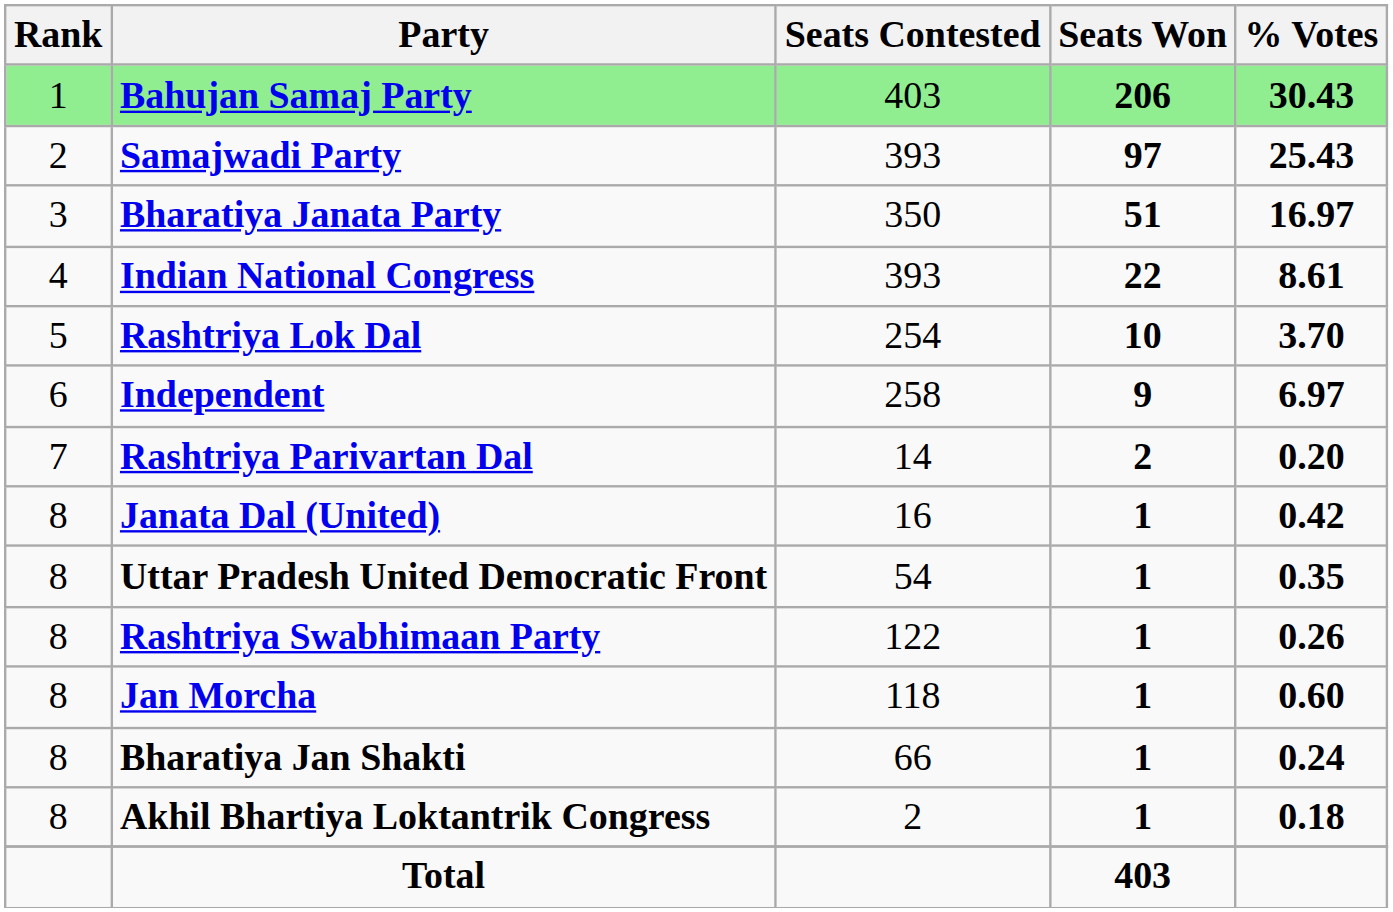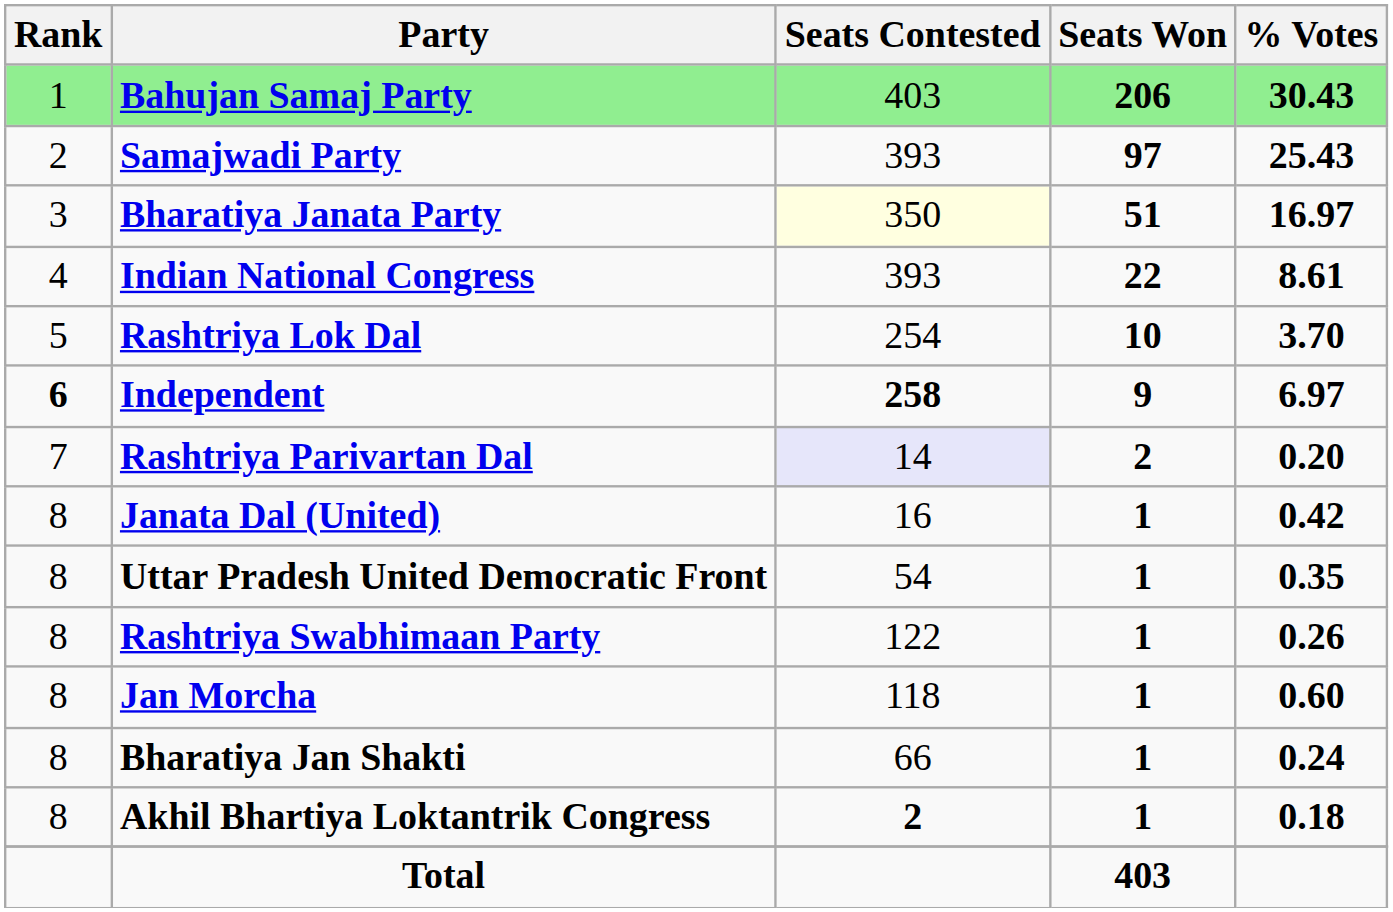 <table class="wikitable sortable" style="text-align: center;">
 <tr>
 <th align="center">Rank</th>
 <th align="center">Party</th>
 <th align="center">Seats Contested</th>
 <th align="center">Seats Won</th>
 <th align="center">% Votes</th>
 </tr>
 <tr style="background: #90EE90;">
 <td>1</td>
 <td align="left"><strong><a href='#'>Bahujan Samaj Party</a></strong></td>
 <td>403</td>
 <td><strong>206</strong></td>
 <td><strong>30.43</strong></td>
 </tr>
 <tr>
 <td>2</td>
 <td align="left"><strong><a href='#'>Samajwadi Party</a></strong></td>
 <td>393</td>
 <td><strong>97</strong></td>
 <td><strong>25.43</strong></td>
 </tr>
 <tr>
 <td>3</td>
 <td align="left"><strong><a href='#'>Bharatiya Janata Party</a></strong></td>
-<td>350</td>
+<td style="background: lightyellow;">350</td>
 <td><strong>51</strong></td>
 <td><strong>16.97</strong></td>
 </tr>
 <tr>
 <td>4</td>
 <td align="left"><strong><a href='#'>Indian National Congress</a></strong></td>
 <td>393</td>
 <td><strong>22</strong></td>
 <td><strong>8.61</strong></td>
 </tr>
 <tr>
 <td>5</td>
 <td align="left"><strong><a href='#'>Rashtriya Lok Dal</a></strong></td>
 <td>254</td>
 <td><strong>10</strong></td>
 <td><strong>3.70</strong></td>
 </tr>
 <tr>
-<td>6</td>
+<td><strong>6</strong></td>
 <td align="left"><strong><a href='#'>Independent</a></strong></td>
-<td>258</td>
+<td><strong>258</strong></td>
 <td><strong>9</strong></td>
 <td><strong>6.97</strong></td>
 </tr>
 <tr>
 <td>7</td>
 <td align="left"><strong><a href='#'>Rashtriya Parivartan Dal</a></strong></td>
-<td>14</td>
+<td style="background: lavender;">14</td>
 <td><strong>2</strong></td>
 <td><strong>0.20</strong></td>
 </tr>
 <tr>
 <td>8</td>
 <td align="left"><strong><a href='#'>Janata Dal (United)</a></strong></td>
 <td>16</td>
 <td><strong>1</strong></td>
 <td><strong>0.42</strong></td>
 </tr>
 <tr>
 <td>8</td>
 <td align="left"><strong>Uttar Pradesh United Democratic Front</strong></td>
 <td>54</td>
 <td><strong>1</strong></td>
 <td><strong>0.35</strong></td>
 </tr>
 <tr>
 <td>8</td>
 <td align="left"><strong><a href='#'>Rashtriya Swabhimaan Party</a></strong></td>
 <td>122</td>
 <td><strong>1</strong></td>
 <td><strong>0.26</strong></td>
 </tr>
 <tr>
 <td>8</td>
 <td align="left"><strong><a href='#'>Jan Morcha</a></strong></td>
 <td>118</td>
 <td><strong>1</strong></td>
 <td><strong>0.60</strong></td>
 </tr>
 <tr>
 <td>8</td>
 <td align="left"><strong>Bharatiya Jan Shakti</strong></td>
 <td>66</td>
 <td><strong>1</strong></td>
 <td><strong>0.24</strong></td>
 </tr>
 <tr>
 <td>8</td>
 <td align="left"><strong> Akhil Bhartiya Loktantrik Congress</strong></td>
-<td>2</td>
+<td><strong>2</strong></td>
 <td><strong>1</strong></td>
 <td><strong>0.18</strong></td>
 </tr>
 <tr>
 </tr>
 <tr>
 <td></td>
 <td align="centre"><strong>Total </strong></td>
 <td></td>
 <td><strong>403</strong></td>
 <td><strong> </strong></td>
 </tr>
 </table>
